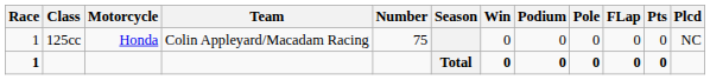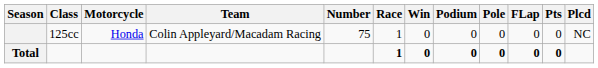 <table class="wikitable">
 <tr>
-<th>Race</th>
+<th>Season</th>
 <th>Class</th>
 <th>Motorcycle</th>
 <th>Team</th>
 <th>Number</th>
-<th>Season</th>
+<th>Race</th>
 <th>Win</th>
 <th>Podium</th>
 <th>Pole</th>
 <th>FLap</th>
 <th>Pts</th>
 <th>Plcd</th>
 </tr>
 <tr align="right">
-<td>1</td>
+<th></th>
 <td>125cc</td>
 <td><a href='#'>Honda</a></td>
 <td>Colin Appleyard/Macadam Racing</td>
 <td>75</td>
-<th></th>
+<td>1</td>
 <td>0</td>
 <td>0</td>
 <td>0</td>
 <td>0</td>
 <td>0</td>
 <td>NC</td>
 </tr>
 <tr align="right">
-<td><strong>1</strong></td>
+<th>Total</th>
 <td></td>
 <td></td>
 <td></td>
 <td></td>
-<th>Total</th>
+<td><strong>1</strong></td>
 <td><strong>0</strong></td>
 <td><strong>0</strong></td>
 <td><strong>0</strong></td>
 <td><strong>0</strong></td>
 <td><strong>0</strong></td>
 <td></td>
 </tr>
 </table>
